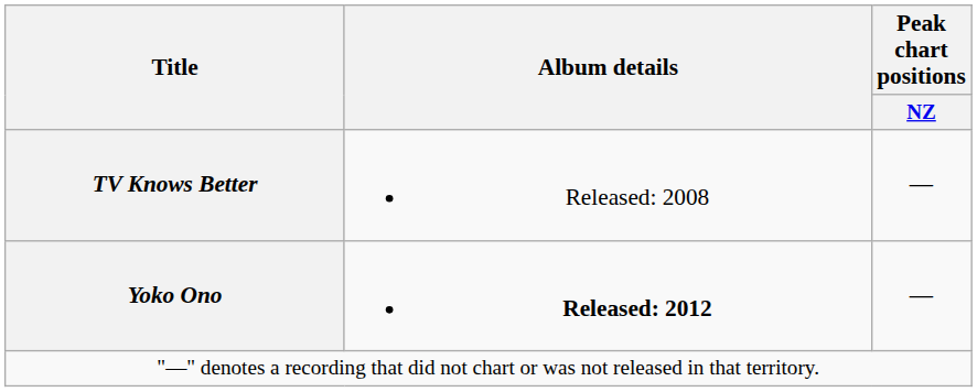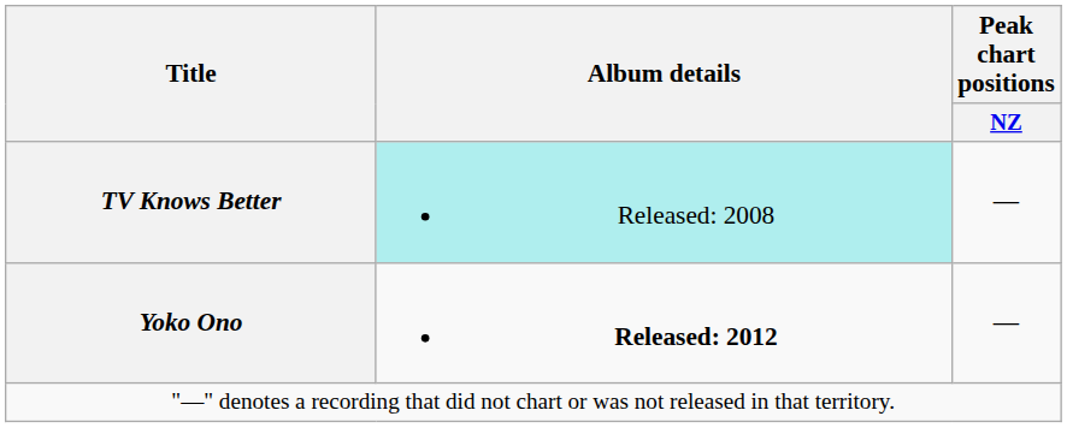 <table class="wikitable plainrowheaders" style="text-align:center;" border="1">
 <tr>
 <th scope="col" rowspan="2" style="width:14em;">Title</th>
 <th scope="col" rowspan="2" style="width:22em;">Album details</th>
 <th scope="col">Peak chart positions</th>
 </tr>
 <tr>
 <th scope="col" style="width:4em;font-size:90%;"><a href='#'>NZ</a><br></th>
 </tr>
 <tr>
 <th scope="row"><em>TV Knows Better</em></th>
-<td><br><ul><li>Released: 2008</li></ul></td>
+<td style="background: paleturquoise;"><br><ul><li>Released: 2008</li></ul></td>
 <td>—</td>
 </tr>
 <tr>
 <th scope="row"><em>Yoko Ono</em></th>
 <td><strong><br><ul><li>Released: 2012</li></ul></strong></td>
 <td>—</td>
 </tr>
 <tr>
 <td colspan="5" style="font-size:90%">"—" denotes a recording that did not chart or was not released in that territory.</td>
 </tr>
 </table>
